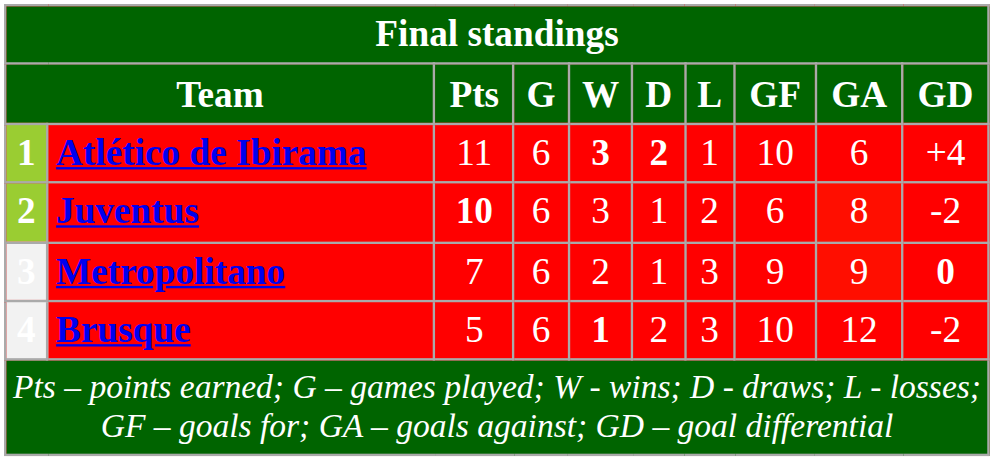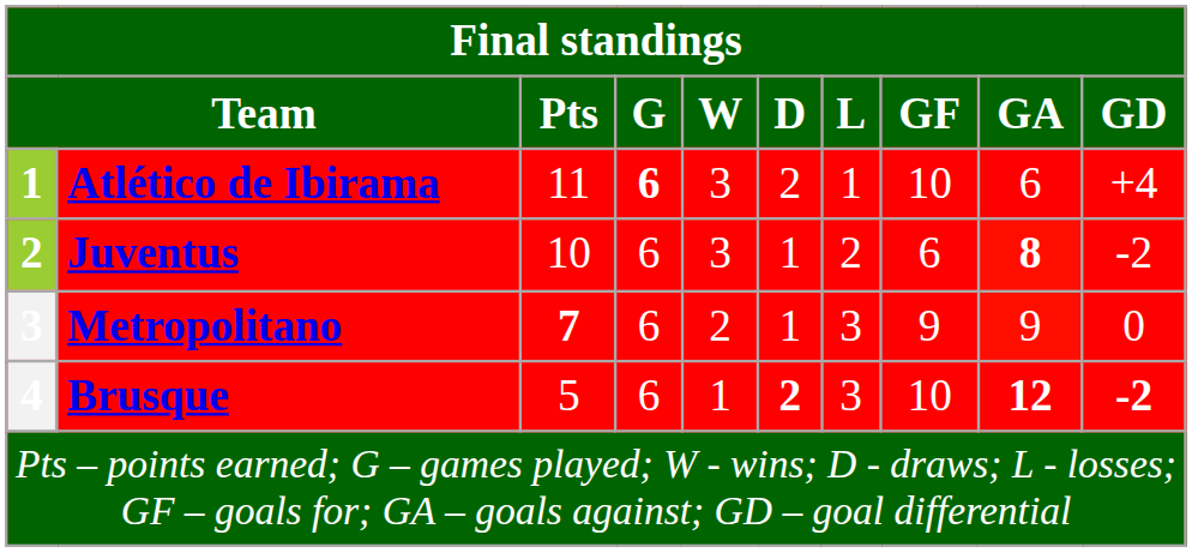 <table class="wikitable" style="text-align:center; color:white; background:#ff0000">
 <tr>
 <th style="background:#006400" colspan="10">Final standings</th>
 </tr>
 <tr>
 <th style="background:#006400" colspan="2">Team</th>
 <th style="background:#006400">Pts</th>
 <th style="background:#006400">G</th>
 <th style="background:#006400">W</th>
 <th style="background:#006400">D</th>
 <th style="background:#006400">L</th>
 <th style="background:#006400">GF</th>
 <th style="background:#006400">GA</th>
 <th style="background:#006400">GD</th>
 </tr>
 <tr>
 <th style="background:#9ACD32">1</th>
 <td align="left"><a href='#'><span> <strong>Atlético de Ibirama</strong></span></a></td>
 <td bgcolor=#ff0000 align="center"><span>11</span></td>
-<td bgcolor=#ff0000 align="center"><span>6</span></td>
-<td bgcolor=#ff0000 align="center"><strong><span>3</span></strong></td>
-<td bgcolor=#ff0000 align="center"><strong><span>2</span></strong></td>
+<td bgcolor=#ff0000 align="center"><strong><span>6</span></strong></td>
+<td bgcolor=#ff0000 align="center"><span>3</span></td>
+<td bgcolor=#ff0000 align="center"><span>2</span></td>
 <td bgcolor=#ff0000 align="center"><span>1</span></td>
 <td bgcolor=#ff0000 align="center"><span>10</span></td>
 <td bgcolor=#ff0000 align="center"><span>6</span></td>
 <td bgcolor=#ff0000 align="center"><span>+4</span></td>
 </tr>
 <tr>
 <th style="background:#9ACD32">2</th>
 <td align="left"><a href='#'><span> <strong>Juventus</strong></span></a></td>
-<td bgcolor=#ff0000 align="center"><strong><span>10</span></strong></td>
+<td bgcolor=#ff0000 align="center"><span>10</span></td>
 <td bgcolor=#ff0000 align="center"><span>6</span></td>
 <td bgcolor=#ff0000 align="center"><span>3</span></td>
 <td bgcolor=#ff0000 align="center"><span>1</span></td>
 <td bgcolor=#ff0000 align="center"><span>2</span></td>
 <td bgcolor=#ff0000 align="center"><span>6</span></td>
-<td bgcolor=#ff0E00 align="center"><span>8</span></td>
+<td bgcolor=#ff0E00 align="center"><strong><span>8</span></strong></td>
 <td bgcolor=#ff0000 align="center"><span>-2</span></td>
 </tr>
 <tr>
 <th>3</th>
 <td align="left"><a href='#'><span> <strong>Metropolitano</strong></span></a></td>
-<td bgcolor=#ff0000 align="center"><span>7</span></td>
+<td bgcolor=#ff0000 align="center"><strong><span>7</span></strong></td>
 <td bgcolor=#ff0000 align="center"><span>6</span></td>
 <td bgcolor=#ff0000 align="center"><span>2</span></td>
 <td bgcolor=#ff0000 align="center"><span>1</span></td>
 <td bgcolor=#ff0000 align="center"><span>3</span></td>
 <td bgcolor=#ff0000 align="center"><span>9</span></td>
 <td bgcolor=#ff0E00 align="center"><span>9</span></td>
-<td bgcolor=#ff0000 align="center"><strong><span>0</span></strong></td>
+<td bgcolor=#ff0000 align="center"><span>0</span></td>
 </tr>
 <tr>
 <th>4</th>
 <td align="left"><a href='#'><span><strong>Brusque</strong></span></a></td>
 <td bgcolor=#ff0000 align="center"><span>5</span></td>
 <td bgcolor=#ff0000 align="center"><span>6</span></td>
-<td bgcolor=#ff0000 align="center"><strong><span>1</span></strong></td>
-<td bgcolor=#ff0000 align="center"><span>2</span></td>
+<td bgcolor=#ff0000 align="center"><span>1</span></td>
+<td bgcolor=#ff0000 align="center"><strong><span>2</span></strong></td>
 <td bgcolor=#ff0000 align="center"><span>3</span></td>
 <td bgcolor=#ff0000 align="center"><span>10</span></td>
-<td bgcolor=#ff0000 align="center"><span>12</span></td>
-<td bgcolor=#ff0000 align="center"><span>-2</span></td>
+<td bgcolor=#ff0000 align="center"><strong><span>12</span></strong></td>
+<td bgcolor=#ff0000 align="center"><strong><span>-2</span></strong></td>
 </tr>
 <tr>
 <td colspan="10" style="background:#006400; font-size:90%; font-style:italic">Pts – points earned; G – games played; W - wins; D - draws; L - losses;<br>GF – goals for; GA – goals against; GD – goal differential</td>
 </tr>
 </table>
